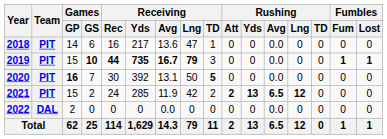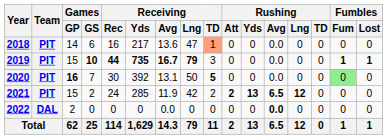 <table class="wikitable" style="text-align:center;">
 <tr>
 <th rowspan="2">Year</th>
 <th rowspan="2">Team</th>
 <th colspan="2">Games</th>
 <th colspan="5">Receiving</th>
 <th colspan="5">Rushing</th>
 <th colspan="2">Fumbles</th>
 </tr>
 <tr>
 <th>GP</th>
 <th>GS</th>
 <th>Rec</th>
 <th>Yds</th>
 <th>Avg</th>
 <th>Lng</th>
 <th>TD</th>
 <th>Att</th>
 <th>Yds</th>
 <th>Avg</th>
 <th>Lng</th>
 <th>TD</th>
 <th>Fum</th>
 <th>Lost</th>
 </tr>
 <tr>
 <th><a href='#'>2018</a></th>
 <th><a href='#'>PIT</a></th>
 <td>14</td>
 <td>6</td>
 <td>16</td>
 <td>217</td>
 <td>13.6</td>
 <td>47</td>
-<td>1</td>
+<td style="background: lightsalmon;">1</td>
 <td>0</td>
 <td>0</td>
 <td>0.0</td>
 <td>0</td>
 <td>0</td>
 <td>0</td>
 <td>0</td>
 </tr>
 <tr>
 <th><a href='#'>2019</a></th>
 <th><a href='#'>PIT</a></th>
 <td>15</td>
 <td><strong>10</strong></td>
 <td><strong>44</strong></td>
 <td><strong>735</strong></td>
 <td><strong>16.7</strong></td>
 <td><strong>79</strong></td>
 <td>3</td>
 <td>0</td>
 <td>0</td>
 <td>0.0</td>
 <td>0</td>
 <td>0</td>
 <td><strong>1</strong></td>
 <td><strong>1</strong></td>
 </tr>
 <tr>
 <th><a href='#'>2020</a></th>
 <th><a href='#'>PIT</a></th>
 <td><strong>16</strong></td>
 <td>7</td>
 <td>30</td>
 <td>392</td>
 <td>13.1</td>
 <td>50</td>
 <td><strong>5</strong></td>
 <td>0</td>
 <td>0</td>
 <td>0.0</td>
 <td>0</td>
 <td>0</td>
-<td>0</td>
+<td style="background: lightgreen;">0</td>
 <td>0</td>
 </tr>
 <tr>
 <th><a href='#'>2021</a></th>
 <th><a href='#'>PIT</a></th>
 <td>15</td>
 <td>2</td>
 <td>24</td>
 <td>285</td>
 <td>11.9</td>
 <td>42</td>
 <td>2</td>
 <td><strong>2</strong></td>
 <td><strong>13</strong></td>
 <td><strong>6.5</strong></td>
 <td><strong>12</strong></td>
 <td>0</td>
 <td>0</td>
 <td>0</td>
 </tr>
 <tr>
 <th><a href='#'>2022</a></th>
 <th><a href='#'>DAL</a></th>
 <td>2</td>
 <td>0</td>
 <td>0</td>
 <td>0</td>
 <td>0.0</td>
 <td>0</td>
 <td>0</td>
 <td>0</td>
 <td>0</td>
-<td>0.0</td>
+<td><strong>0.0</strong></td>
 <td>0</td>
 <td>0</td>
 <td>0</td>
 <td>0</td>
 </tr>
 <tr>
 <th colspan="2">Total</th>
 <th>62</th>
 <th>25</th>
 <th>114</th>
 <th>1,629</th>
 <th>14.3</th>
 <th>79</th>
 <th>11</th>
 <th>2</th>
 <th>13</th>
 <th>6.5</th>
 <th>12</th>
 <th>0</th>
 <th>1</th>
 <th>1</th>
 </tr>
 </table>
